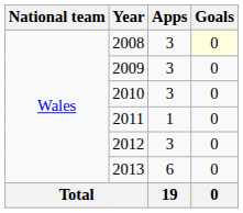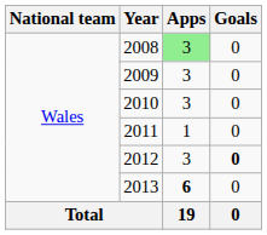 <table class="wikitable" style="text-align:center">
 <tr>
 <th>National team</th>
 <th>Year</th>
 <th>Apps</th>
 <th>Goals</th>
 </tr>
 <tr>
 <td rowspan="6"><a href='#'>Wales</a></td>
 <td>2008</td>
-<td>3</td>
-<td style="background: lightyellow;">0</td>
+<td style="background: lightgreen;">3</td>
+<td>0</td>
 </tr>
 <tr>
 <td>2009</td>
 <td>3</td>
 <td>0</td>
 </tr>
 <tr>
 <td>2010</td>
 <td>3</td>
 <td>0</td>
 </tr>
 <tr>
 <td>2011</td>
 <td>1</td>
 <td>0</td>
 </tr>
 <tr>
 <td>2012</td>
 <td>3</td>
-<td>0</td>
+<td><strong>0</strong></td>
 </tr>
 <tr>
 <td>2013</td>
-<td>6</td>
+<td><strong>6</strong></td>
 <td>0</td>
 </tr>
 <tr>
 <th colspan="2">Total</th>
 <th>19</th>
 <th>0</th>
 </tr>
 </table>
